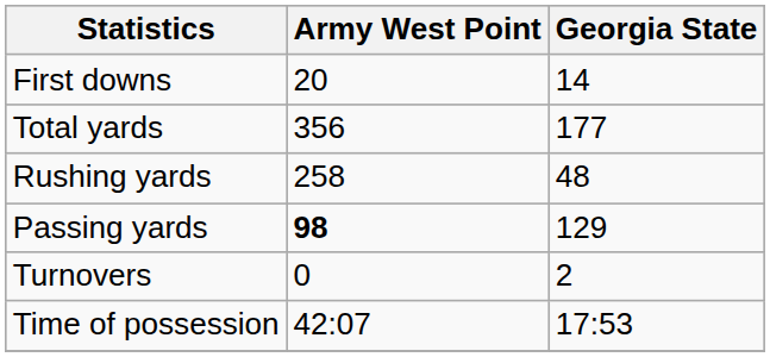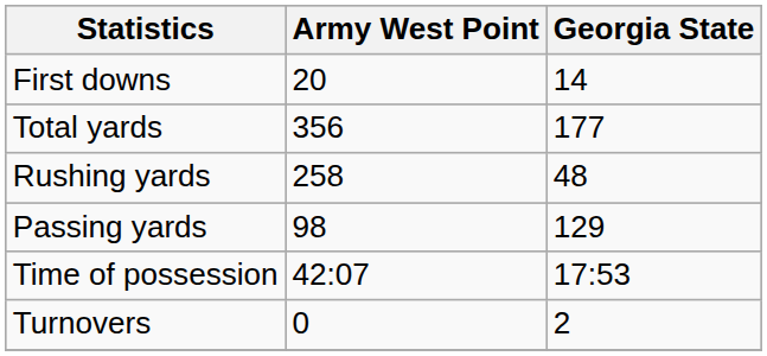 <table class="wikitable">
 <tr>
 <th>Statistics</th>
 <th>Army West Point</th>
 <th>Georgia State</th>
 </tr>
 <tr>
 <td>First downs</td>
 <td>20</td>
 <td>14</td>
 </tr>
 <tr>
 <td>Total yards</td>
 <td>356</td>
 <td>177</td>
 </tr>
 <tr>
 <td>Rushing yards</td>
 <td>258</td>
 <td>48</td>
 </tr>
 <tr>
 <td>Passing yards</td>
-<td><strong>98</strong></td>
+<td>98</td>
 <td>129</td>
+</tr>
+<tr>
+<td>Time of possession</td>
+<td>42:07</td>
+<td>17:53</td>
 </tr>
 <tr>
 <td>Turnovers</td>
 <td>0</td>
 <td>2</td>
 </tr>
 <tr>
-<td>Time of possession</td>
-<td>42:07</td>
-<td>17:53</td>
-</tr>
-<tr>
 </tr>
 </table>
